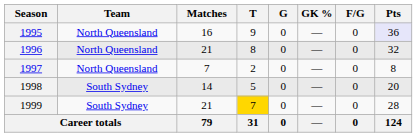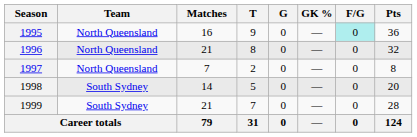 <table class="wikitable sortable"  style="font-size:90%; text-align:center; width:85%;">
 <tr>
 <th width=2%>Season</th>
 <th width=8%>Team</th>
 <th width=2%>Matches</th>
 <th width=2%>T</th>
 <th width=2%>G</th>
 <th width=2%>GK %</th>
 <th width=2%>F/G</th>
 <th width=2%>Pts</th>
 </tr>
 <tr>
 <th scope="row" style="text-align:center; font-weight:normal"><a href='#'>1995</a></th>
 <td style="text-align:center;"> <a href='#'>North Queensland</a></td>
 <td>16</td>
 <td>9</td>
 <td>0</td>
 <td>—</td>
-<td>0</td>
-<td style="background: lavender;">36</td>
+<td style="background: paleturquoise;">0</td>
+<td>36</td>
 </tr>
 <tr style="background-color: #EAEAEA">
 <th scope="row" style="text-align:center; font-weight:normal"><a href='#'>1996</a></th>
 <td style="text-align:center;"> <a href='#'>North Queensland</a></td>
 <td>21</td>
 <td>8</td>
 <td>0</td>
 <td>—</td>
 <td>0</td>
 <td>32</td>
 </tr>
 <tr>
 <th scope="row" style="text-align:center; font-weight:normal"><a href='#'>1997</a></th>
 <td style="text-align:center;"> <a href='#'>North Queensland</a></td>
 <td>7</td>
 <td>2</td>
 <td>0</td>
 <td>—</td>
 <td>0</td>
 <td>8</td>
 </tr>
 <tr style="background-color: #EAEAEA">
 <th scope="row" style="text-align:center; font-weight:normal">1998</th>
 <td style="text-align:center;"> <a href='#'>South Sydney</a></td>
 <td>14</td>
 <td>5</td>
 <td>0</td>
 <td>—</td>
 <td>0</td>
 <td>20</td>
 </tr>
 <tr>
 <th scope="row" style="text-align:center; font-weight:normal">1999</th>
 <td style="text-align:center;"> <a href='#'>South Sydney</a></td>
 <td>21</td>
-<td style="background: gold;">7</td>
+<td>7</td>
 <td>0</td>
 <td>—</td>
 <td>0</td>
 <td>28</td>
 </tr>
 <tr class="sortbottom">
 <th colspan=2>Career totals</th>
 <th>79</th>
 <th>31</th>
 <th>0</th>
 <th>—</th>
 <th>0</th>
 <th>124</th>
 </tr>
 </table>
